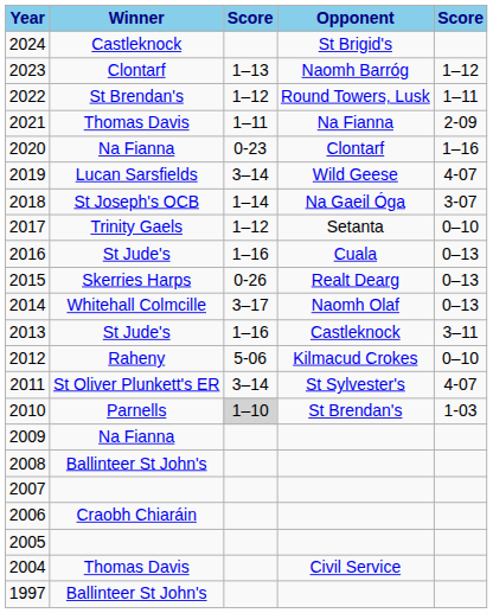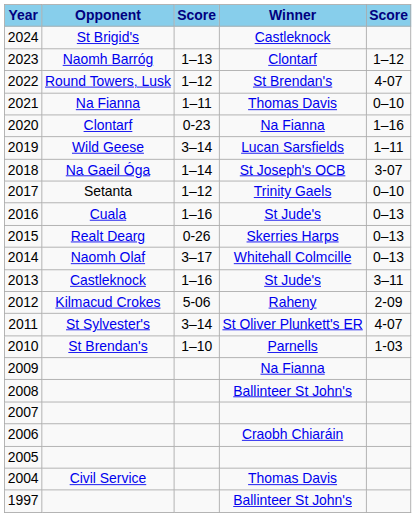 <table class="wikitable" style="text-align:center;">
 <tr>
 <th style="background:skyblue;color:navy;">Year</th>
+<th style="background:skyblue;color:navy;">Opponent</th>
+<th style="background:skyblue;color:navy;">Score</th>
 <th style="background:skyblue;color:navy;">Winner</th>
-<th style="background:skyblue;color:navy;">Score</th>
-<th style="background:skyblue;color:navy;">Opponent</th>
 <th style="background:skyblue;color:navy;">Score</th>
 </tr>
 <tr>
 <td>2024</td>
+<td><a href='#'>St Brigid's</a></td>
+<td></td>
 <td><a href='#'>Castleknock</a></td>
-<td></td>
-<td><a href='#'>St Brigid's</a></td>
 <td></td>
 </tr>
 <tr>
 <td>2023</td>
+<td><a href='#'>Naomh Barróg</a></td>
+<td>1–13</td>
 <td><a href='#'>Clontarf</a></td>
-<td>1–13</td>
-<td><a href='#'>Naomh Barróg</a></td>
 <td>1–12</td>
 </tr>
 <tr>
 <td>2022</td>
+<td><a href='#'>Round Towers, Lusk</a></td>
+<td>1–12</td>
 <td><a href='#'>St Brendan's</a></td>
-<td>1–12</td>
-<td><a href='#'>Round Towers, Lusk</a></td>
-<td>1–11</td>
+<td>4-07</td>
 </tr>
 <tr>
 <td>2021</td>
+<td><a href='#'>Na Fianna</a></td>
+<td>1–11</td>
 <td><a href='#'>Thomas Davis</a></td>
-<td>1–11</td>
-<td><a href='#'>Na Fianna</a></td>
-<td>2-09</td>
+<td>0–10</td>
 </tr>
 <tr>
 <td>2020</td>
+<td><a href='#'>Clontarf</a></td>
+<td>0-23</td>
 <td><a href='#'>Na Fianna</a></td>
-<td>0-23</td>
-<td><a href='#'>Clontarf</a></td>
 <td>1–16</td>
 </tr>
 <tr>
 <td>2019</td>
+<td><a href='#'>Wild Geese</a></td>
+<td>3–14</td>
 <td><a href='#'>Lucan Sarsfields</a></td>
-<td>3–14</td>
-<td><a href='#'>Wild Geese</a></td>
-<td>4-07</td>
+<td>1–11</td>
 </tr>
 <tr>
 <td>2018</td>
+<td><a href='#'>Na Gaeil Óga</a></td>
+<td>1–14</td>
 <td><a href='#'>St Joseph's OCB</a></td>
-<td>1–14</td>
-<td><a href='#'>Na Gaeil Óga</a></td>
 <td>3-07</td>
 </tr>
 <tr>
 <td>2017</td>
+<td>Setanta</td>
+<td>1–12</td>
 <td><a href='#'>Trinity Gaels</a></td>
-<td>1–12</td>
-<td>Setanta</td>
 <td>0–10</td>
 </tr>
 <tr>
 <td>2016</td>
+<td><a href='#'>Cuala</a></td>
+<td>1–16</td>
 <td><a href='#'>St Jude's</a></td>
-<td>1–16</td>
-<td><a href='#'>Cuala</a></td>
 <td>0–13</td>
 </tr>
 <tr>
 <td>2015</td>
+<td><a href='#'>Realt Dearg</a></td>
+<td>0-26</td>
 <td><a href='#'>Skerries Harps</a></td>
-<td>0-26</td>
-<td><a href='#'>Realt Dearg</a></td>
 <td>0–13</td>
 </tr>
 <tr>
 <td>2014</td>
+<td><a href='#'>Naomh Olaf</a></td>
+<td>3–17</td>
 <td><a href='#'>Whitehall Colmcille</a></td>
-<td>3–17</td>
-<td><a href='#'>Naomh Olaf</a></td>
 <td>0–13</td>
 </tr>
 <tr>
 <td>2013</td>
+<td><a href='#'>Castleknock</a></td>
+<td>1–16</td>
 <td><a href='#'>St Jude's</a></td>
-<td>1–16</td>
-<td><a href='#'>Castleknock</a></td>
 <td>3–11</td>
 </tr>
 <tr>
 <td>2012</td>
+<td><a href='#'>Kilmacud Crokes</a></td>
+<td>5-06</td>
 <td><a href='#'>Raheny</a></td>
-<td>5-06</td>
-<td><a href='#'>Kilmacud Crokes</a></td>
-<td>0–10</td>
+<td>2-09</td>
 </tr>
 <tr>
 <td>2011</td>
+<td><a href='#'>St Sylvester's</a></td>
+<td>3–14</td>
 <td><a href='#'>St Oliver Plunkett's ER</a></td>
-<td>3–14</td>
-<td><a href='#'>St Sylvester's</a></td>
 <td>4-07</td>
 </tr>
 <tr>
 <td>2010</td>
+<td><a href='#'>St Brendan's</a></td>
+<td>1–10</td>
 <td><a href='#'>Parnells</a></td>
-<td style="background: lightgrey;">1–10</td>
-<td><a href='#'>St Brendan's</a></td>
 <td>1-03</td>
 </tr>
 <tr>
 <td>2009</td>
-<td><a href='#'>Na Fianna</a></td>
 <td></td>
 <td></td>
+<td><a href='#'>Na Fianna</a></td>
 <td></td>
 </tr>
 <tr>
 <td>2008</td>
-<td><a href='#'>Ballinteer St John's</a></td>
 <td></td>
 <td></td>
+<td><a href='#'>Ballinteer St John's</a></td>
 <td></td>
 </tr>
 <tr>
 <td>2007</td>
 <td></td>
 <td></td>
 <td></td>
 <td></td>
 </tr>
 <tr>
 <td>2006</td>
-<td><a href='#'>Craobh Chiaráin</a></td>
 <td></td>
 <td></td>
+<td><a href='#'>Craobh Chiaráin</a></td>
 <td></td>
 </tr>
 <tr>
 <td>2005</td>
 <td></td>
 <td></td>
 <td></td>
 <td></td>
 </tr>
 <tr>
 <td>2004</td>
+<td><a href='#'>Civil Service</a></td>
+<td></td>
 <td><a href='#'>Thomas Davis</a></td>
-<td></td>
-<td><a href='#'>Civil Service</a></td>
 <td></td>
 </tr>
 <tr>
 <td>1997</td>
-<td><a href='#'>Ballinteer St John's</a></td>
 <td></td>
 <td></td>
+<td><a href='#'>Ballinteer St John's</a></td>
 <td></td>
 </tr>
 </table>
